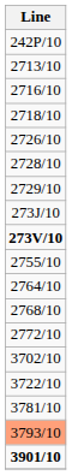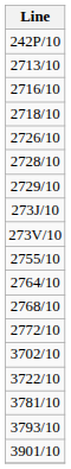 <table class="wikitable">
 <tr>
 <th align="center">Line</th>
 </tr>
 <tr>
 <td align="center">242P/10</td>
 </tr>
 <tr>
 <td align="center">2713/10</td>
 </tr>
 <tr>
 <td align="center">2716/10</td>
 </tr>
 <tr>
 <td align="center">2718/10</td>
 </tr>
 <tr>
 <td align="center">2726/10</td>
 </tr>
 <tr>
 <td align="center">2728/10</td>
 </tr>
 <tr>
 <td align="center">2729/10</td>
 </tr>
 <tr>
 <td align="center">273J/10</td>
 </tr>
 <tr>
-<td align="center"><strong>273V/10</strong></td>
+<td align="center">273V/10</td>
 </tr>
 <tr>
 <td align="center">2755/10</td>
 </tr>
 <tr>
 <td align="center">2764/10</td>
 </tr>
 <tr>
 <td align="center">2768/10</td>
 </tr>
 <tr>
 <td align="center">2772/10</td>
 </tr>
 <tr>
 <td align="center">3702/10</td>
 </tr>
 <tr>
 <td align="center">3722/10</td>
 </tr>
 <tr>
 <td align="center">3781/10</td>
 </tr>
 <tr>
-<td align="center" style="background: lightsalmon;">3793/10</td>
+<td align="center">3793/10</td>
 </tr>
 <tr>
-<td align="center"><strong>3901/10</strong></td>
+<td align="center">3901/10</td>
 </tr>
 <tr>
 </tr>
 </table>
